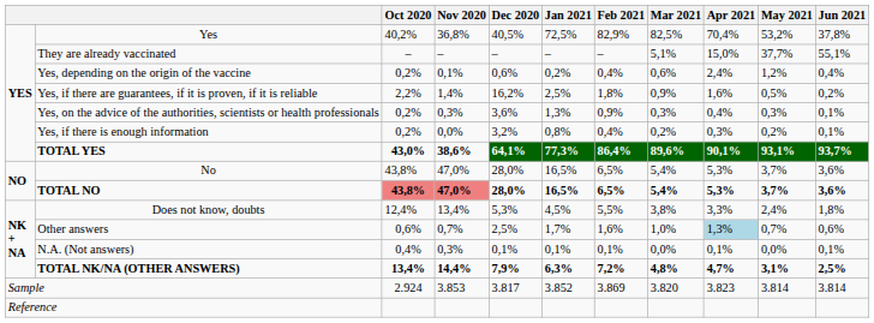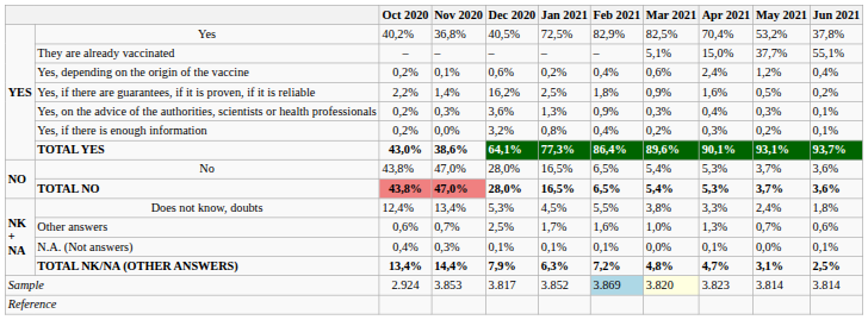 <table class="wikitable col1cen col2izq col3cen col4cen col5cen col6cen col7cen col8cen col9cen col10cen">
 <tr>
 <th colspan="2"></th>
 <th>Oct 2020</th>
 <th>Nov 2020</th>
 <th>Dec 2020</th>
 <th>Jan 2021</th>
 <th>Feb 2021</th>
 <th>Mar 2021</th>
 <th>Apr 2021</th>
 <th>May 2021</th>
 <th>Jun 2021</th>
 </tr>
 <tr>
 <td rowspan="7"><strong>YES</strong></td>
 <td style="text-align:center">Yes</td>
 <td>40,2%</td>
 <td>36,8%</td>
 <td>40,5%</td>
 <td>72,5%</td>
 <td>82,9%</td>
 <td>82,5%</td>
 <td>70,4%</td>
 <td>53,2%</td>
 <td>37,8%</td>
 </tr>
 <tr>
 <td>They are already vaccinated</td>
 <td style="text-align:center">–</td>
 <td>–</td>
 <td>–</td>
 <td>–</td>
 <td>–</td>
 <td>5,1%</td>
 <td>15,0%</td>
 <td>37,7%</td>
 <td>55,1%</td>
 </tr>
 <tr>
 <td>Yes, depending on the origin of the vaccine</td>
 <td style="text-align:center">0,2%</td>
 <td>0,1%</td>
 <td>0,6%</td>
 <td>0,2%</td>
 <td>0,4%</td>
 <td>0,6%</td>
 <td>2,4%</td>
 <td>1,2%</td>
 <td>0,4%</td>
 </tr>
 <tr>
 <td>Yes, if there are guarantees, if it is proven, if it is reliable</td>
 <td style="text-align:center">2,2%</td>
 <td>1,4%</td>
 <td>16,2%</td>
 <td>2,5%</td>
 <td>1,8%</td>
 <td>0,9%</td>
 <td>1,6%</td>
 <td>0,5%</td>
 <td>0,2%</td>
 </tr>
 <tr>
 <td>Yes, on the advice of the authorities, scientists or health professionals</td>
 <td style="text-align:center">0,2%</td>
 <td>0,3%</td>
 <td>3,6%</td>
 <td>1,3%</td>
 <td>0,9%</td>
 <td>0,3%</td>
 <td>0,4%</td>
 <td>0,3%</td>
 <td>0,1%</td>
 </tr>
 <tr>
 <td>Yes, if there is enough information</td>
 <td style="text-align:center">0,2%</td>
 <td>0,0%</td>
 <td>3,2%</td>
 <td>0,8%</td>
 <td>0,4%</td>
 <td>0,2%</td>
 <td>0,3%</td>
 <td>0,2%</td>
 <td>0,1%</td>
 </tr>
 <tr>
 <td><strong>TOTAL YES</strong></td>
 <td style="text-align:center"><strong>43,0%</strong></td>
 <td><strong>38,6%</strong></td>
 <td style="background:DarkGreen; color:white"><strong>64,1%</strong></td>
 <td style="background:DarkGreen; color:white"><strong>77,3%</strong></td>
 <td style="background:DarkGreen; color:white"><strong>86,4%</strong></td>
 <td style="background:DarkGreen; color:white"><strong>89,6%</strong></td>
 <td style="background:DarkGreen; color:white"><strong>90,1%</strong></td>
 <td style="background:DarkGreen; color:white"><strong>93,1%</strong></td>
 <td style="background:DarkGreen; color:white"><strong>93,7%</strong></td>
 </tr>
 <tr>
 <td rowspan="2"><strong>NO</strong></td>
 <td style="text-align:center">No</td>
 <td>43,8%</td>
 <td>47,0%</td>
 <td>28,0%</td>
 <td>16,5%</td>
 <td>6,5%</td>
 <td>5,4%</td>
 <td>5,3%</td>
 <td>3,7%</td>
 <td>3,6%</td>
 </tr>
 <tr>
 <td><strong>TOTAL NO</strong></td>
 <td style="background:LightCoral; text-align:center"><strong>43,8%</strong></td>
 <td style="background:LightCoral"><strong>47,0%</strong></td>
 <td><strong>28,0%</strong></td>
 <td><strong>16,5%</strong></td>
 <td><strong>6,5%</strong></td>
 <td><strong>5,4%</strong></td>
 <td><strong>5,3%</strong></td>
 <td><strong>3,7%</strong></td>
 <td><strong>3,6%</strong></td>
 </tr>
 <tr>
 <td rowspan="4"><strong>NK</strong><br><strong>+</strong><br><strong>NA</strong></td>
 <td style="text-align:center">Does not know, doubts</td>
 <td>12,4%</td>
 <td>13,4%</td>
 <td>5,3%</td>
 <td>4,5%</td>
 <td>5,5%</td>
 <td>3,8%</td>
 <td>3,3%</td>
 <td>2,4%</td>
 <td>1,8%</td>
 </tr>
 <tr>
 <td>Other answers</td>
 <td style="text-align:center">0,6%</td>
 <td>0,7%</td>
 <td>2,5%</td>
 <td>1,7%</td>
 <td>1,6%</td>
 <td>1,0%</td>
-<td style="background: lightblue;">1,3%</td>
+<td>1,3%</td>
 <td>0,7%</td>
 <td>0,6%</td>
 </tr>
 <tr>
 <td>N.A. (Not answers)</td>
 <td style="text-align:center">0,4%</td>
 <td>0,3%</td>
 <td>0,1%</td>
 <td>0,1%</td>
 <td>0,1%</td>
 <td>0,0%</td>
 <td>0,1%</td>
 <td>0,0%</td>
 <td>0,1%</td>
 </tr>
 <tr>
 <td><strong>TOTAL NK/NA (OTHER ANSWERS)</strong></td>
 <td style="text-align:center"><strong>13,4%</strong></td>
 <td><strong>14,4%</strong></td>
 <td><strong>7,9%</strong></td>
 <td><strong>6,3%</strong></td>
 <td><strong>7,2%</strong></td>
 <td><strong>4,8%</strong></td>
 <td><strong>4,7%</strong></td>
 <td><strong>3,1%</strong></td>
 <td><strong>2,5%</strong></td>
 </tr>
 <tr>
 <td colspan="2"><em>Sample</em></td>
 <td style="text-align:center">2.924</td>
 <td>3.853</td>
 <td>3.817</td>
 <td>3.852</td>
-<td>3.869</td>
-<td>3.820</td>
+<td style="background: lightblue;">3.869</td>
+<td style="background: lightyellow;">3.820</td>
 <td>3.823</td>
 <td>3.814</td>
 <td>3.814</td>
 </tr>
 <tr>
 <td colspan="2"><em>Reference</em></td>
 <td></td>
 <td></td>
 <td></td>
 <td></td>
 <td></td>
 <td></td>
 <td></td>
 <td></td>
 <td></td>
 </tr>
 </table>
